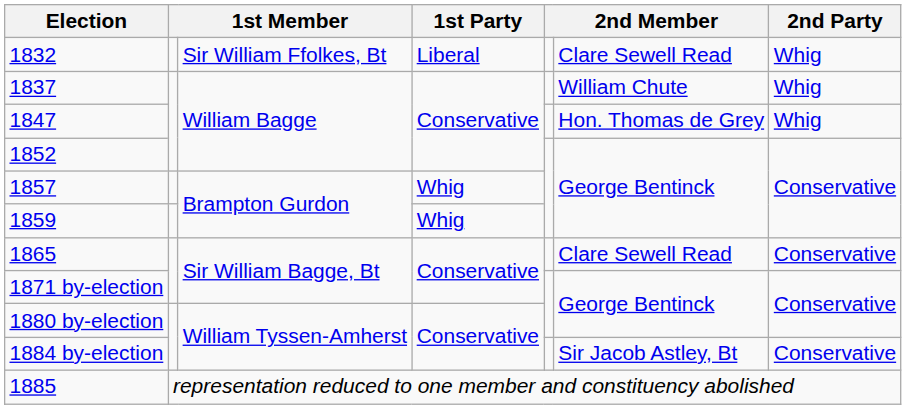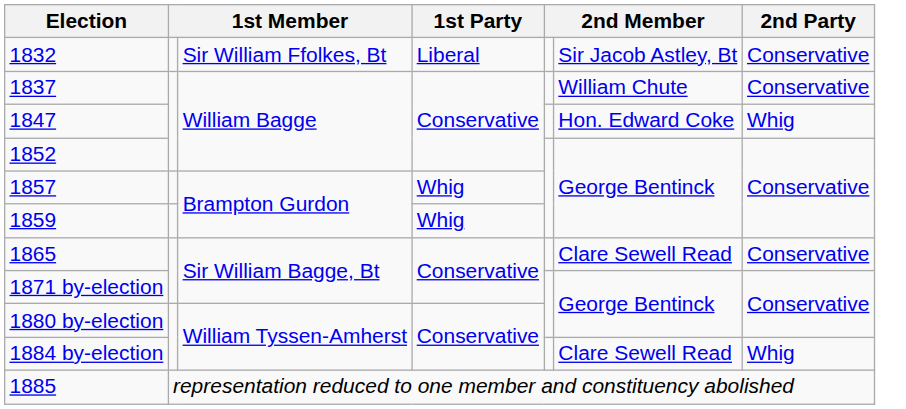 <table class="wikitable">
 <tr>
 <th>Election</th>
 <th colspan="2">1st Member</th>
 <th>1st Party</th>
 <th colspan="2">2nd Member</th>
 <th>2nd Party</th>
 </tr>
 <tr>
 <td><a href='#'>1832</a></td>
 <td style="color:inherit;background-color: "></td>
 <td><a href='#'>Sir William Ffolkes, Bt</a></td>
 <td><a href='#'>Liberal</a></td>
 <td style="color:inherit;background-color: "></td>
-<td><a href='#'>Clare Sewell Read</a></td>
-<td><a href='#'>Whig</a></td>
+<td><a href='#'>Sir Jacob Astley, Bt</a></td>
+<td><a href='#'>Conservative</a></td>
 </tr>
 <tr>
 <td><a href='#'>1837</a></td>
 <td rowspan="3" style="color:inherit;background-color: "></td>
 <td rowspan="3"><a href='#'>William Bagge</a></td>
 <td rowspan="3"><a href='#'>Conservative</a></td>
 <td style="color:inherit;background-color: "></td>
 <td><a href='#'>William Chute</a></td>
-<td><a href='#'>Whig</a></td>
+<td><a href='#'>Conservative</a></td>
 </tr>
 <tr>
 <td><a href='#'>1847</a></td>
 <td style="color:inherit;background-color: "></td>
-<td><a href='#'>Hon. Thomas de Grey</a></td>
+<td><a href='#'>Hon. Edward Coke</a></td>
 <td><a href='#'>Whig</a></td>
 </tr>
 <tr>
 <td><a href='#'>1852</a></td>
 <td rowspan="3" style="color:inherit;background-color: "></td>
 <td rowspan="3"><a href='#'>George Bentinck</a></td>
 <td rowspan="3"><a href='#'>Conservative</a></td>
 </tr>
 <tr>
 <td><a href='#'>1857</a></td>
 <td style="color:inherit;background-color: "></td>
 <td rowspan="2"><a href='#'>Brampton Gurdon</a></td>
 <td><a href='#'>Whig</a></td>
 </tr>
 <tr>
 <td><a href='#'>1859</a></td>
 <td style="color:inherit;background-color: "></td>
 <td><a href='#'>Whig</a></td>
 </tr>
 <tr>
 <td><a href='#'>1865</a></td>
 <td rowspan="2" style="color:inherit;background-color: "></td>
 <td rowspan="2"><a href='#'>Sir William Bagge, Bt</a></td>
 <td rowspan="2"><a href='#'>Conservative</a></td>
 <td style="color:inherit;background-color: "></td>
 <td><a href='#'>Clare Sewell Read</a></td>
 <td><a href='#'>Conservative</a></td>
 </tr>
 <tr>
 <td><a href='#'>1871 by-election</a></td>
 <td rowspan="2" style="color:inherit;background-color: "></td>
 <td rowspan="2"><a href='#'>George Bentinck</a></td>
 <td rowspan="2"><a href='#'>Conservative</a></td>
 </tr>
 <tr>
 <td><a href='#'>1880 by-election</a></td>
 <td rowspan="2" style="color:inherit;background-color: "></td>
 <td rowspan="2"><a href='#'>William Tyssen-Amherst</a></td>
 <td rowspan="2"><a href='#'>Conservative</a></td>
 </tr>
 <tr>
 <td><a href='#'>1884 by-election</a></td>
 <td style="color:inherit;background-color: "></td>
-<td><a href='#'>Sir Jacob Astley, Bt</a></td>
-<td><a href='#'>Conservative</a></td>
+<td><a href='#'>Clare Sewell Read</a></td>
+<td><a href='#'>Whig</a></td>
 </tr>
 <tr>
 <td><a href='#'>1885</a></td>
 <td colspan="6"><em>representation reduced to one member and constituency abolished</em></td>
 </tr>
 </table>
